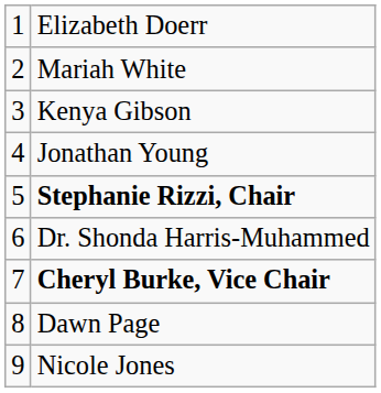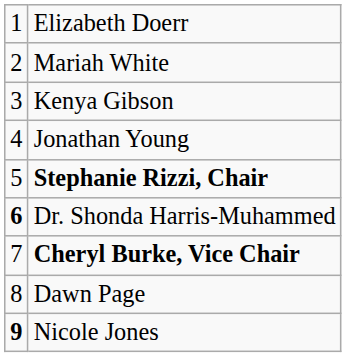 <table class="wikitable">
 <tr>
 <td>1</td>
 <td>Elizabeth Doerr</td>
 </tr>
 <tr>
 <td>2</td>
 <td>Mariah White</td>
 </tr>
 <tr>
 <td>3</td>
 <td>Kenya Gibson</td>
 </tr>
 <tr>
 <td>4</td>
 <td>Jonathan Young</td>
 </tr>
 <tr>
 <td>5</td>
 <td><strong>Stephanie Rizzi, Chair</strong></td>
 </tr>
 <tr>
-<td>6</td>
+<td><strong>6</strong></td>
 <td>Dr. Shonda Harris-Muhammed</td>
 </tr>
 <tr>
 <td>7</td>
 <td><strong>Cheryl Burke, Vice Chair</strong></td>
 </tr>
 <tr>
 <td>8</td>
 <td>Dawn Page</td>
 </tr>
 <tr>
-<td>9</td>
+<td><strong>9</strong></td>
 <td>Nicole Jones</td>
 </tr>
 </table>
